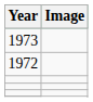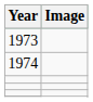 <table class="wikitable">
 <tr style="background:#2E8B57;">
 <th>Year</th>
 <th>Image</th>
 </tr>
 <tr>
 <td>1973</td>
 <td><br></td>
 </tr>
 <tr>
-<td>1972</td>
+<td>1974</td>
 <td></td>
 </tr>
 <tr>
 <td></td>
 <td></td>
 </tr>
 <tr>
 <td></td>
 <td></td>
 </tr>
 <tr>
 <td></td>
 </tr>
 <tr>
 </tr>
 </table>
